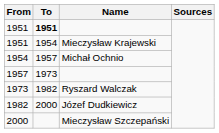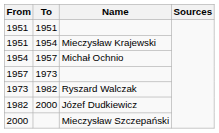 <table class="wikitable">
 <tr>
 <th>From</th>
 <th>To</th>
 <th>Name</th>
 <th>Sources</th>
 </tr>
 <tr>
 <td>1951</td>
-<td><strong>1951</strong></td>
+<td>1951</td>
 <td></td>
 <td rowspan="7"></td>
 </tr>
 <tr>
 <td>1951</td>
 <td>1954</td>
 <td>Mieczysław Krajewski</td>
 </tr>
 <tr>
 <td>1954</td>
 <td>1957</td>
 <td>Michał Ochnio</td>
 </tr>
 <tr>
 <td>1957</td>
 <td>1973</td>
 <td></td>
 </tr>
 <tr>
 <td>1973</td>
 <td>1982</td>
 <td>Ryszard Walczak</td>
 </tr>
 <tr>
 <td>1982</td>
 <td>2000</td>
 <td>Józef Dudkiewicz</td>
 </tr>
 <tr>
 <td>2000</td>
 <td></td>
 <td>Mieczysław Szczepański</td>
 </tr>
 </table>
